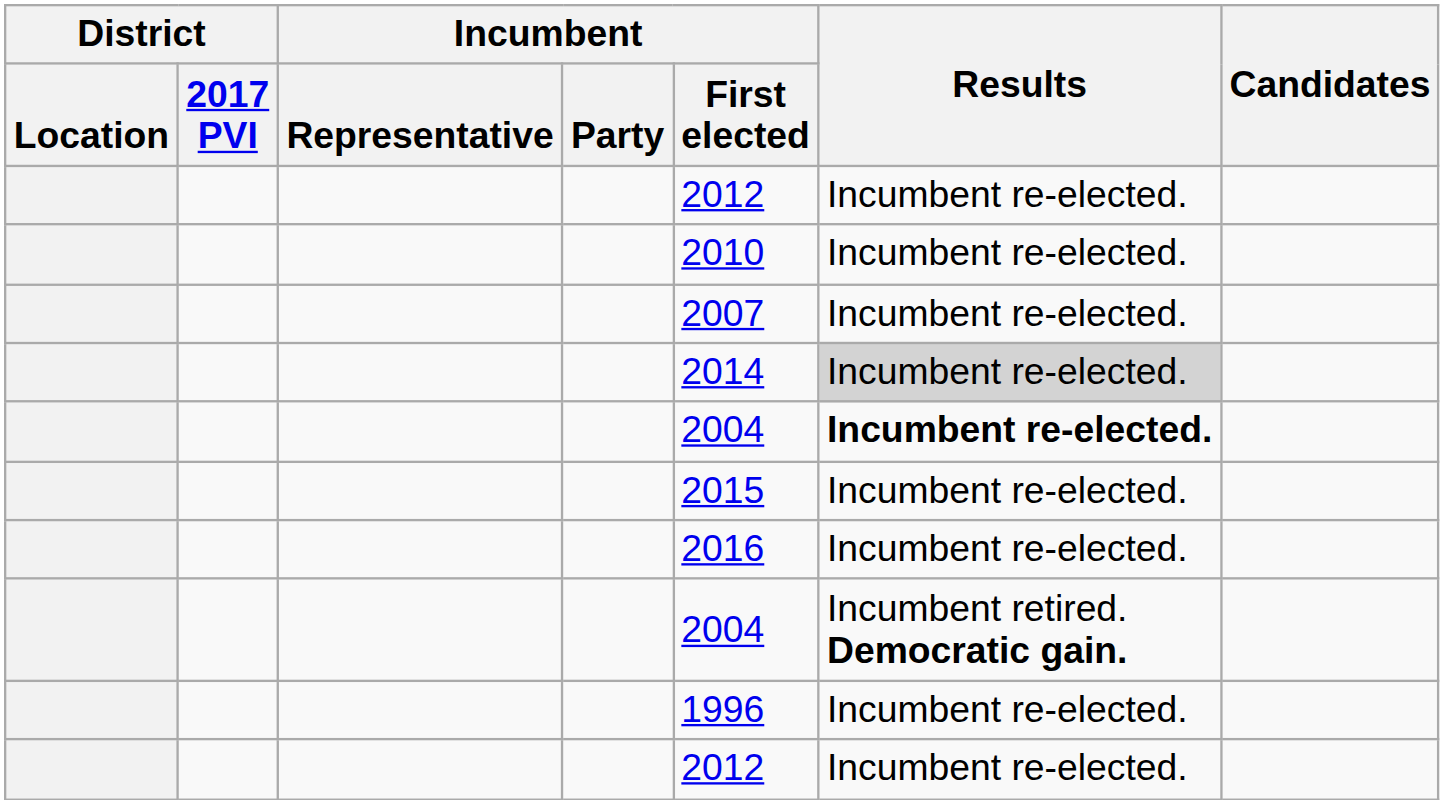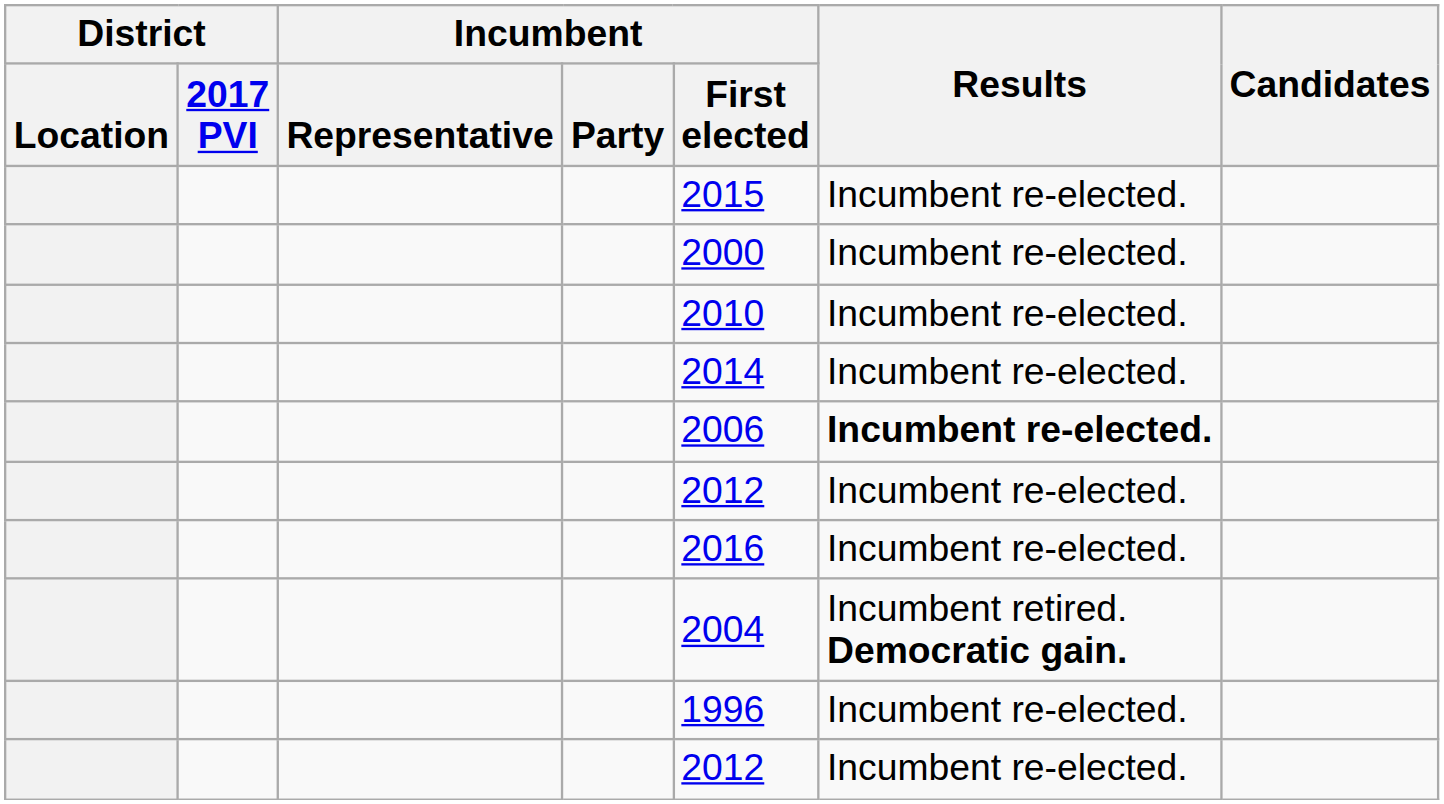 <table class="wikitable sortable">
 <tr>
 <th colspan=2>District</th>
 <th colspan=3>Incumbent</th>
 <th rowspan=2>Results</th>
 <th rowspan=2>Candidates</th>
 </tr>
 <tr valign=bottom>
 <th>Location</th>
 <th><a href='#'>2017<br>PVI</a></th>
 <th>Representative</th>
 <th>Party</th>
 <th>First<br>elected</th>
 </tr>
 <tr>
 <th></th>
 <td></td>
 <td></td>
 <td></td>
-<td><a href='#'>2012</a></td>
+<td><a href='#'>2015</a></td>
+<td>Incumbent re-elected.</td>
+<td nowrap></td>
+</tr>
+<tr>
+<th></th>
+<td></td>
+<td></td>
+<td></td>
+<td><a href='#'>2000</a></td>
 <td>Incumbent re-elected.</td>
 <td nowrap></td>
 </tr>
 <tr>
 <th></th>
 <td></td>
 <td></td>
 <td></td>
 <td><a href='#'>2010</a></td>
 <td>Incumbent re-elected.</td>
 <td nowrap></td>
 </tr>
 <tr>
 <th></th>
 <td></td>
 <td></td>
 <td></td>
-<td><a href='#'>2007</a></td>
+<td><a href='#'>2014</a></td>
 <td>Incumbent re-elected.</td>
 <td nowrap></td>
 </tr>
 <tr>
 <th></th>
 <td></td>
 <td></td>
 <td></td>
-<td><a href='#'>2014</a></td>
-<td style="background: lightgrey;">Incumbent re-elected.</td>
-<td nowrap></td>
-</tr>
-<tr>
-<th></th>
-<td></td>
-<td></td>
-<td></td>
-<td><a href='#'>2004</a></td>
+<td><a href='#'>2006</a></td>
 <td><strong>Incumbent re-elected.</strong></td>
 <td nowrap nowrap></td>
 </tr>
 <tr>
 <th></th>
 <td></td>
 <td></td>
 <td></td>
-<td><a href='#'>2015</a></td>
+<td><a href='#'>2012</a></td>
 <td>Incumbent re-elected.</td>
 <td nowrap></td>
 </tr>
 <tr>
 <th></th>
 <td></td>
 <td></td>
 <td></td>
 <td><a href='#'>2016</a></td>
 <td>Incumbent re-elected.</td>
 <td nowrap></td>
 </tr>
 <tr>
 <th></th>
 <td></td>
 <td></td>
 <td></td>
 <td><a href='#'>2004</a></td>
 <td>Incumbent retired.<br><strong>Democratic gain.</strong></td>
 <td nowrap nowrap></td>
 </tr>
 <tr>
 <th></th>
 <td></td>
 <td></td>
 <td></td>
 <td><a href='#'>1996</a></td>
 <td>Incumbent re-elected.</td>
 <td nowrap></td>
 </tr>
 <tr>
 <th></th>
 <td></td>
 <td></td>
 <td></td>
 <td><a href='#'>2012</a></td>
 <td>Incumbent re-elected.</td>
 <td nowrap></td>
 </tr>
 </table>
